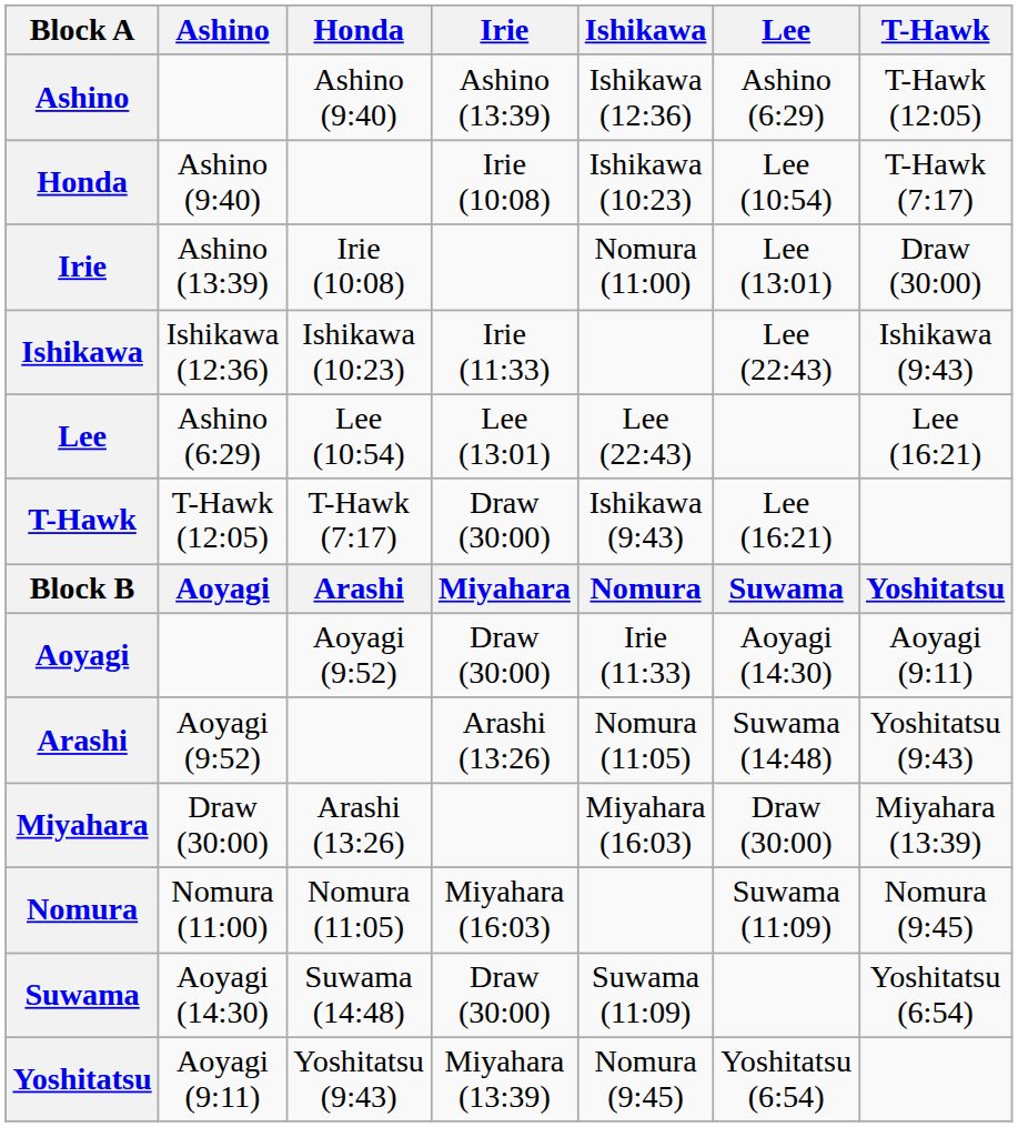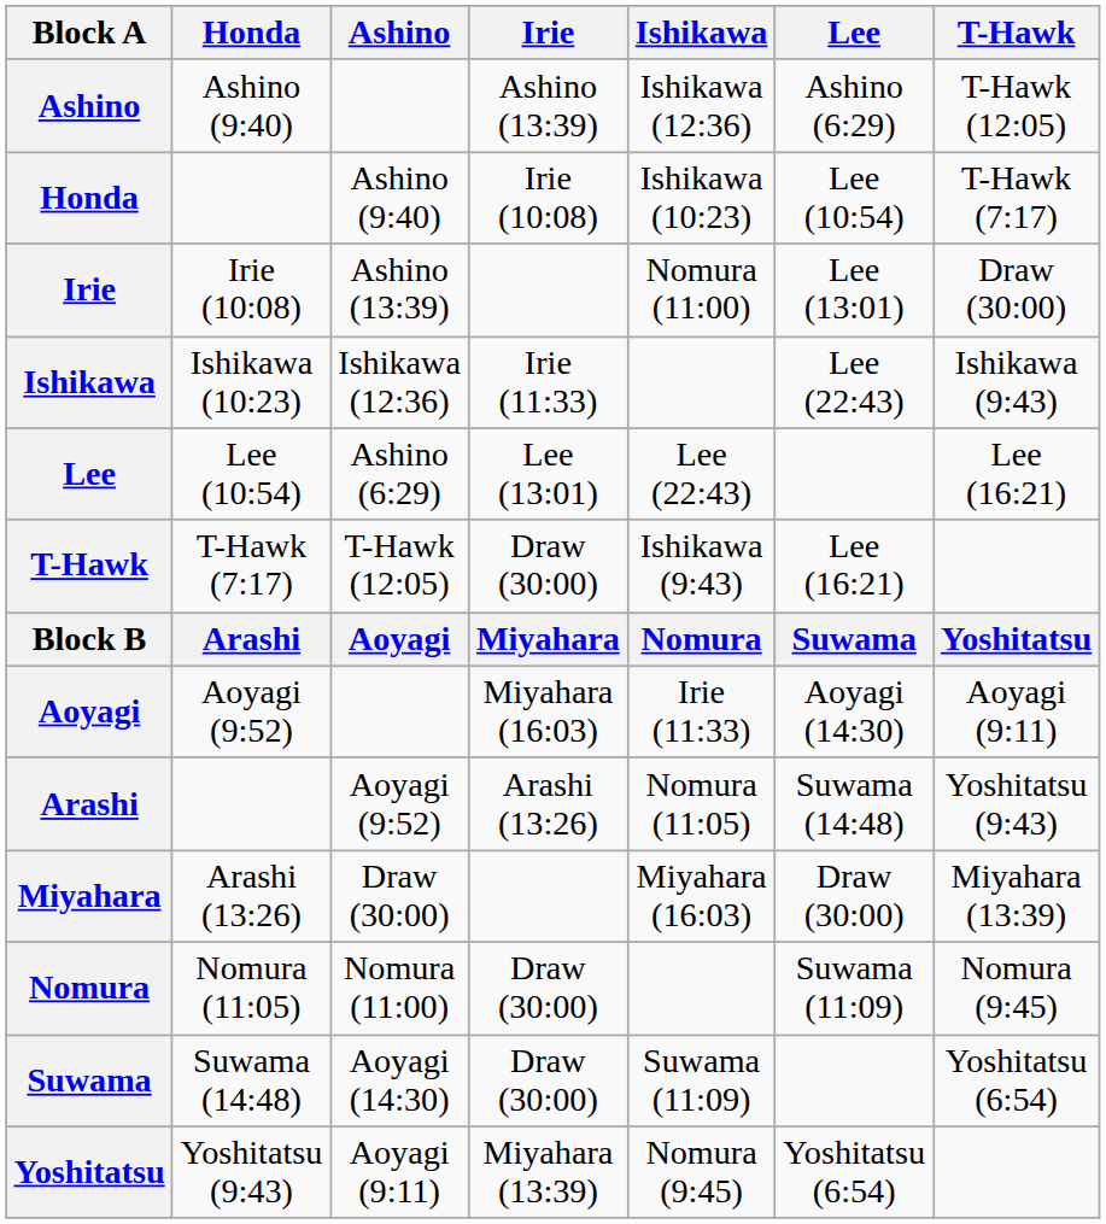 <table class="wikitable" style="margin: 1em auto 1em auto; text-align:center;">
 <tr>
 <th>Block A</th>
+<th><a href='#'>Honda</a></th>
 <th><a href='#'>Ashino</a></th>
-<th><a href='#'>Honda</a></th>
 <th><a href='#'>Irie</a></th>
 <th><a href='#'>Ishikawa</a></th>
 <th><a href='#'>Lee</a></th>
 <th><a href='#'>T-Hawk</a></th>
 </tr>
 <tr>
 <th><a href='#'>Ashino</a></th>
+<td>Ashino<br>(9:40)</td>
 <td></td>
-<td>Ashino<br>(9:40)</td>
 <td>Ashino<br>(13:39)</td>
 <td>Ishikawa<br>(12:36)</td>
 <td>Ashino<br>(6:29)</td>
 <td>T-Hawk<br>(12:05)</td>
 </tr>
 <tr>
 <th><a href='#'>Honda</a></th>
+<td></td>
 <td>Ashino<br>(9:40)</td>
-<td></td>
 <td>Irie<br>(10:08)</td>
 <td>Ishikawa<br>(10:23)</td>
 <td>Lee<br>(10:54)</td>
 <td>T-Hawk<br>(7:17)</td>
 </tr>
 <tr>
 <th><a href='#'>Irie</a></th>
+<td>Irie<br>(10:08)</td>
 <td>Ashino<br>(13:39)</td>
-<td>Irie<br>(10:08)</td>
 <td></td>
 <td>Nomura<br>(11:00)</td>
 <td>Lee<br>(13:01)</td>
 <td>Draw<br>(30:00)</td>
 </tr>
 <tr>
 <th><a href='#'>Ishikawa</a></th>
+<td>Ishikawa<br>(10:23)</td>
 <td>Ishikawa<br>(12:36)</td>
-<td>Ishikawa<br>(10:23)</td>
 <td>Irie<br>(11:33)</td>
 <td></td>
 <td>Lee<br>(22:43)</td>
 <td>Ishikawa<br>(9:43)</td>
 </tr>
 <tr>
 <th><a href='#'>Lee</a></th>
+<td>Lee<br>(10:54)</td>
 <td>Ashino<br>(6:29)</td>
-<td>Lee<br>(10:54)</td>
 <td>Lee<br>(13:01)</td>
 <td>Lee<br>(22:43)</td>
 <td></td>
 <td>Lee<br>(16:21)</td>
 </tr>
 <tr>
 <th><a href='#'>T-Hawk</a></th>
+<td>T-Hawk<br>(7:17)</td>
 <td>T-Hawk<br>(12:05)</td>
-<td>T-Hawk<br>(7:17)</td>
 <td>Draw<br>(30:00)</td>
 <td>Ishikawa<br>(9:43)</td>
 <td>Lee<br>(16:21)</td>
 <td></td>
 </tr>
 <tr>
 <th>Block B</th>
+<th><a href='#'>Arashi</a></th>
 <th><a href='#'>Aoyagi</a></th>
-<th><a href='#'>Arashi</a></th>
 <th><a href='#'>Miyahara</a></th>
 <th><a href='#'>Nomura</a></th>
 <th><a href='#'>Suwama</a></th>
 <th><a href='#'>Yoshitatsu</a></th>
 </tr>
 <tr>
 <th><a href='#'>Aoyagi</a></th>
+<td>Aoyagi<br>(9:52)</td>
 <td></td>
-<td>Aoyagi<br>(9:52)</td>
-<td>Draw<br>(30:00)</td>
+<td>Miyahara<br>(16:03)</td>
 <td>Irie<br>(11:33)</td>
 <td>Aoyagi<br>(14:30)</td>
 <td>Aoyagi<br>(9:11)</td>
 </tr>
 <tr>
 <th><a href='#'>Arashi</a></th>
+<td></td>
 <td>Aoyagi<br>(9:52)</td>
-<td></td>
 <td>Arashi<br>(13:26)</td>
 <td>Nomura<br>(11:05)</td>
 <td>Suwama<br>(14:48)</td>
 <td>Yoshitatsu<br>(9:43)</td>
 </tr>
 <tr>
 <th><a href='#'>Miyahara</a></th>
+<td>Arashi<br>(13:26)</td>
 <td>Draw<br>(30:00)</td>
-<td>Arashi<br>(13:26)</td>
 <td></td>
 <td>Miyahara<br>(16:03)</td>
 <td>Draw<br>(30:00)</td>
 <td>Miyahara<br>(13:39)</td>
 </tr>
 <tr>
 <th><a href='#'>Nomura</a></th>
+<td>Nomura<br>(11:05)</td>
 <td>Nomura<br>(11:00)</td>
-<td>Nomura<br>(11:05)</td>
-<td>Miyahara<br>(16:03)</td>
+<td>Draw<br>(30:00)</td>
 <td></td>
 <td>Suwama<br>(11:09)</td>
 <td>Nomura<br>(9:45)</td>
 </tr>
 <tr>
 <th><a href='#'>Suwama</a></th>
+<td>Suwama<br>(14:48)</td>
 <td>Aoyagi<br>(14:30)</td>
-<td>Suwama<br>(14:48)</td>
 <td>Draw<br>(30:00)</td>
 <td>Suwama<br>(11:09)</td>
 <td></td>
 <td>Yoshitatsu<br>(6:54)</td>
 </tr>
 <tr>
 <th><a href='#'>Yoshitatsu</a></th>
+<td>Yoshitatsu<br>(9:43)</td>
 <td>Aoyagi<br>(9:11)</td>
-<td>Yoshitatsu<br>(9:43)</td>
 <td>Miyahara<br>(13:39)</td>
 <td>Nomura<br>(9:45)</td>
 <td>Yoshitatsu<br>(6:54)</td>
 <td></td>
 </tr>
 </table>
